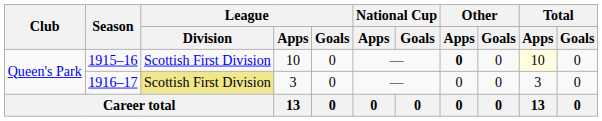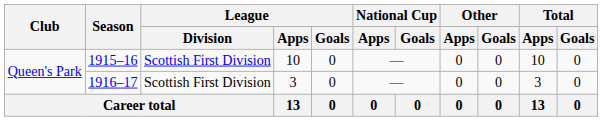 <table class="wikitable" style="text-align: center;">
 <tr>
 <th rowspan="2">Club</th>
 <th rowspan="2">Season</th>
 <th colspan="3">League</th>
 <th colspan="2">National Cup</th>
 <th colspan="2">Other</th>
 <th colspan="2">Total</th>
 </tr>
 <tr>
 <th>Division</th>
 <th>Apps</th>
 <th>Goals</th>
 <th>Apps</th>
 <th>Goals</th>
 <th>Apps</th>
 <th>Goals</th>
 <th>Apps</th>
 <th>Goals</th>
 </tr>
 <tr>
 <td rowspan="2"><a href='#'>Queen's Park</a></td>
 <td><a href='#'>1915–16</a></td>
 <td><a href='#'>Scottish First Division</a></td>
 <td>10</td>
 <td>0</td>
 <td colspan="2">―</td>
-<td><strong>0</strong></td>
 <td>0</td>
-<td style="background: lightyellow;">10</td>
+<td>0</td>
+<td>10</td>
 <td>0</td>
 </tr>
 <tr>
 <td><a href='#'>1916–17</a></td>
-<td style="background: khaki;">Scottish First Division</td>
+<td>Scottish First Division</td>
 <td>3</td>
 <td>0</td>
 <td colspan="2">―</td>
 <td>0</td>
 <td>0</td>
 <td>3</td>
 <td>0</td>
 </tr>
 <tr>
 <th colspan="3">Career total</th>
 <th>13</th>
 <th>0</th>
 <th>0</th>
 <th>0</th>
 <th>0</th>
 <th>0</th>
 <th>13</th>
 <th>0</th>
 </tr>
 </table>
